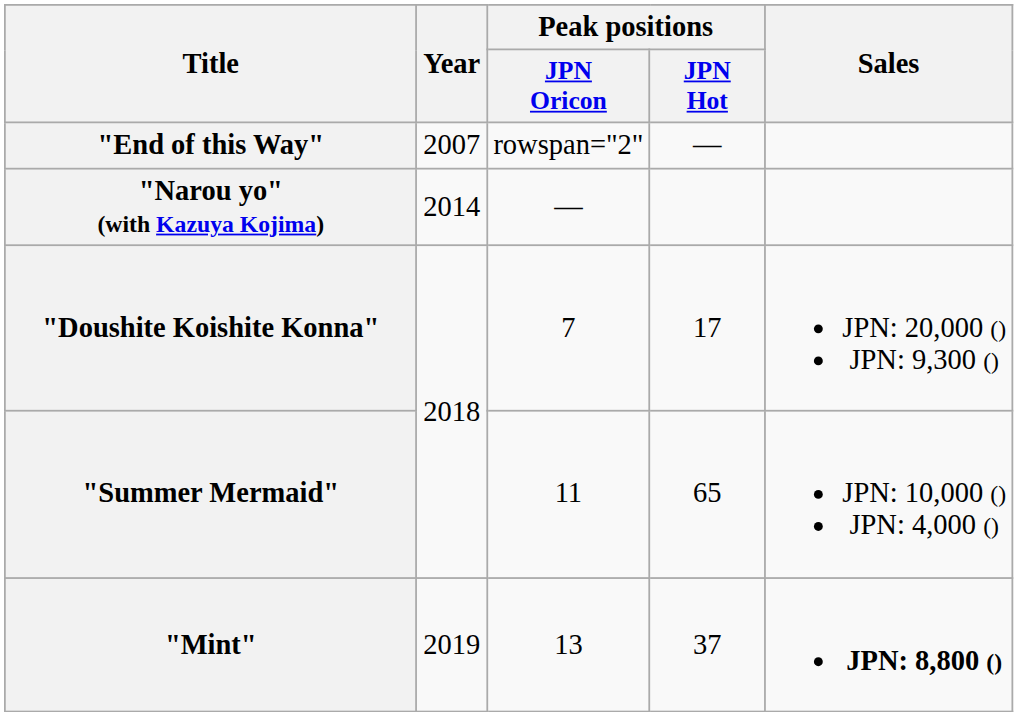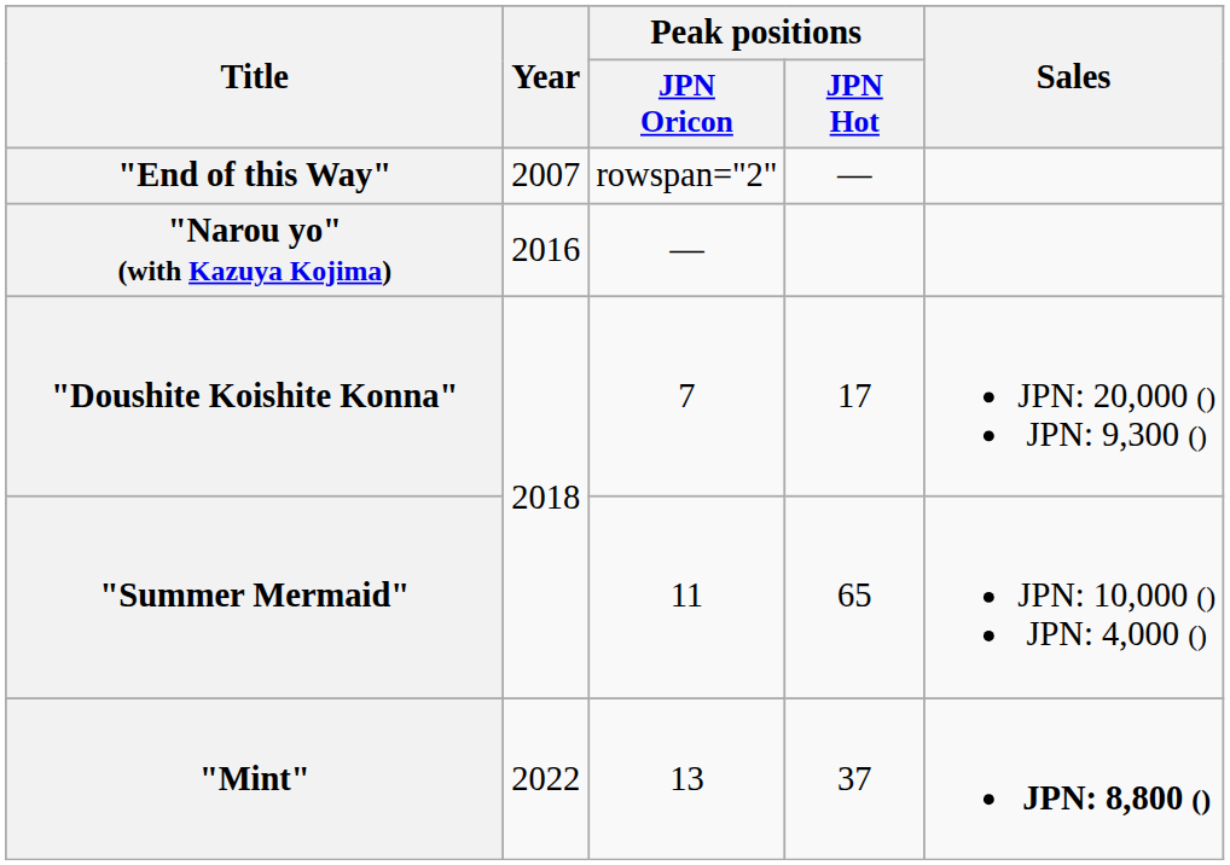 <table class="wikitable plainrowheaders" style="text-align:center;">
 <tr>
 <th scope="col" rowspan="2" style="width:14em;">Title</th>
 <th scope="col" rowspan="2">Year</th>
 <th scope="col" colspan="2">Peak positions</th>
 <th scope="col" rowspan="2">Sales</th>
 </tr>
 <tr>
 <th scope="col" style="width:4em;font-size:90%;"><a href='#'>JPN<br>Oricon</a><br></th>
 <th scope="col" style="width:4em;font-size:90%;"><a href='#'>JPN<br>Hot</a><br></th>
 </tr>
 <tr>
 <th scope="row">"End of this Way"</th>
 <td>2007</td>
 <td>rowspan="2" </td>
 <td>—</td>
 <td></td>
 </tr>
 <tr>
 <th scope="row">"Narou yo"<br><small>(with <a href='#'>Kazuya Kojima</a>)</small></th>
-<td>2014</td>
+<td>2016</td>
 <td>—</td>
 <td></td>
 </tr>
 <tr>
 <th scope="row">"Doushite Koishite Konna"</th>
 <td rowspan="2">2018</td>
 <td>7</td>
 <td>17</td>
 <td><br><ul><li>JPN: 20,000 <small>()</small></li><li>JPN: 9,300 <small>()</small></li></ul></td>
 </tr>
 <tr>
 <th scope="row">"Summer Mermaid"</th>
 <td>11</td>
 <td>65</td>
 <td><br><ul><li>JPN: 10,000 <small>()</small></li><li>JPN: 4,000 <small>()</small></li></ul></td>
 </tr>
 <tr>
 <th scope="row">"Mint"</th>
-<td>2019</td>
+<td>2022</td>
 <td>13</td>
 <td>37</td>
 <td><strong><br><ul><li>JPN: 8,800 <small>()</small></li></ul></strong></td>
 </tr>
 </table>
